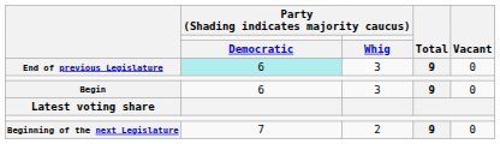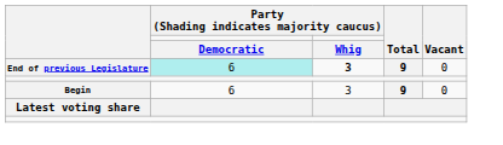 <table class=wikitable style="text-align:center">
 <tr style="vertical-align:bottom;">
 <th rowspan=3></th>
 <th colspan=2>Party <div>(Shading indicates majority caucus)</div></th>
 <th rowspan=3>Total</th>
 <th rowspan=3>Vacant</th>
 </tr>
 <tr style="height:5px">
 <td style="background-color:"></td>
 <td style="background-color:"></td>
 </tr>
 <tr>
 <th><a href='#'>Democratic</a></th>
 <th><a href='#'>Whig</a></th>
 </tr>
 <tr>
 <th style="white-space:nowrap; font-size:80%;">End of <a href='#'>previous Legislature</a></th>
 <td style="background: paleturquoise;">6</td>
-<td>3</td>
+<td><strong>3</strong></td>
 <th>9</th>
 <td>0</td>
 </tr>
 <tr>
 <td colspan="5"></td>
 </tr>
 <tr>
 <th style="font-size:80%">Begin</th>
 <td>6</td>
 <td>3</td>
 <th>9</th>
 <td>0</td>
 </tr>
 <tr>
 <th>Latest voting share</th>
 <th></th>
 <th></th>
 <th colspan=2></th>
 </tr>
 <tr>
 <td colspan="5"></td>
 </tr>
-<tr>
-<th style="white-space:nowrap; font-size:80%;">Beginning of the <a href='#'>next Legislature</a></th>
-<td>7</td>
-<td>2</td>
-<th>9</th>
-<td>0</td>
-</tr>
 </table>
